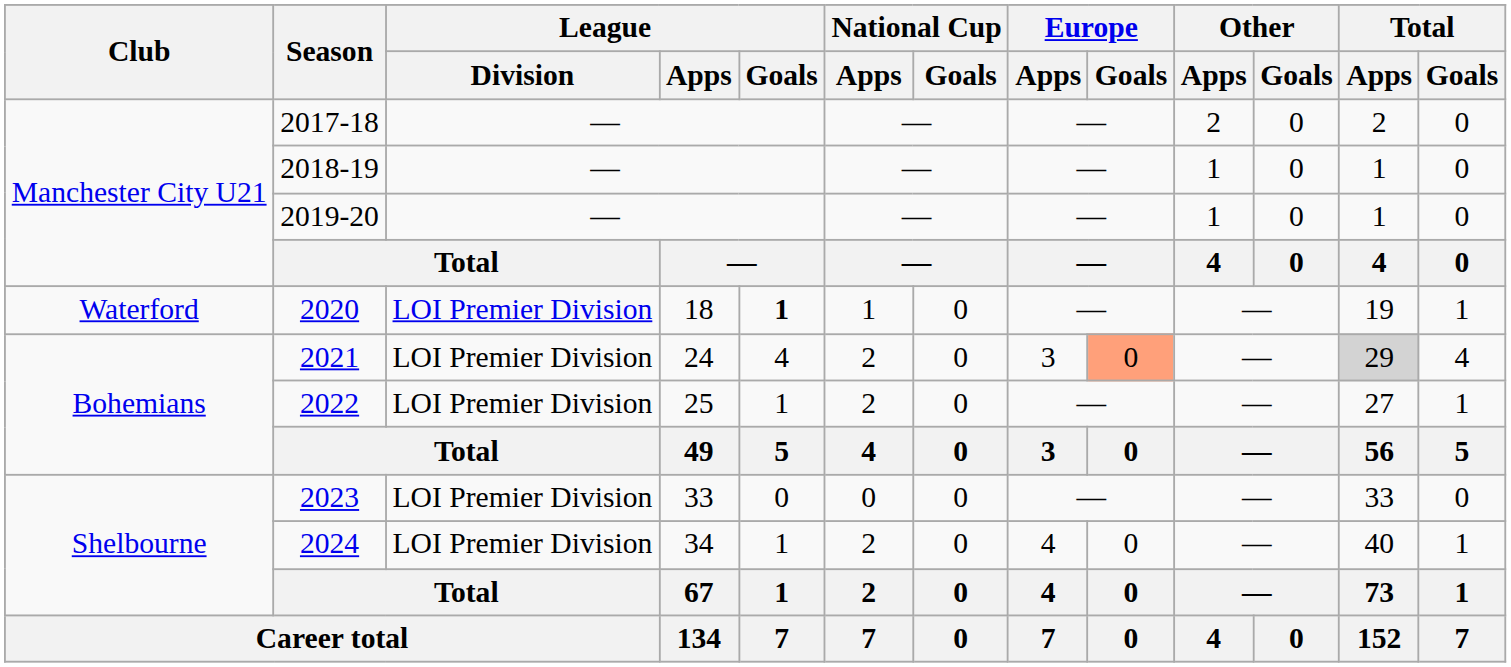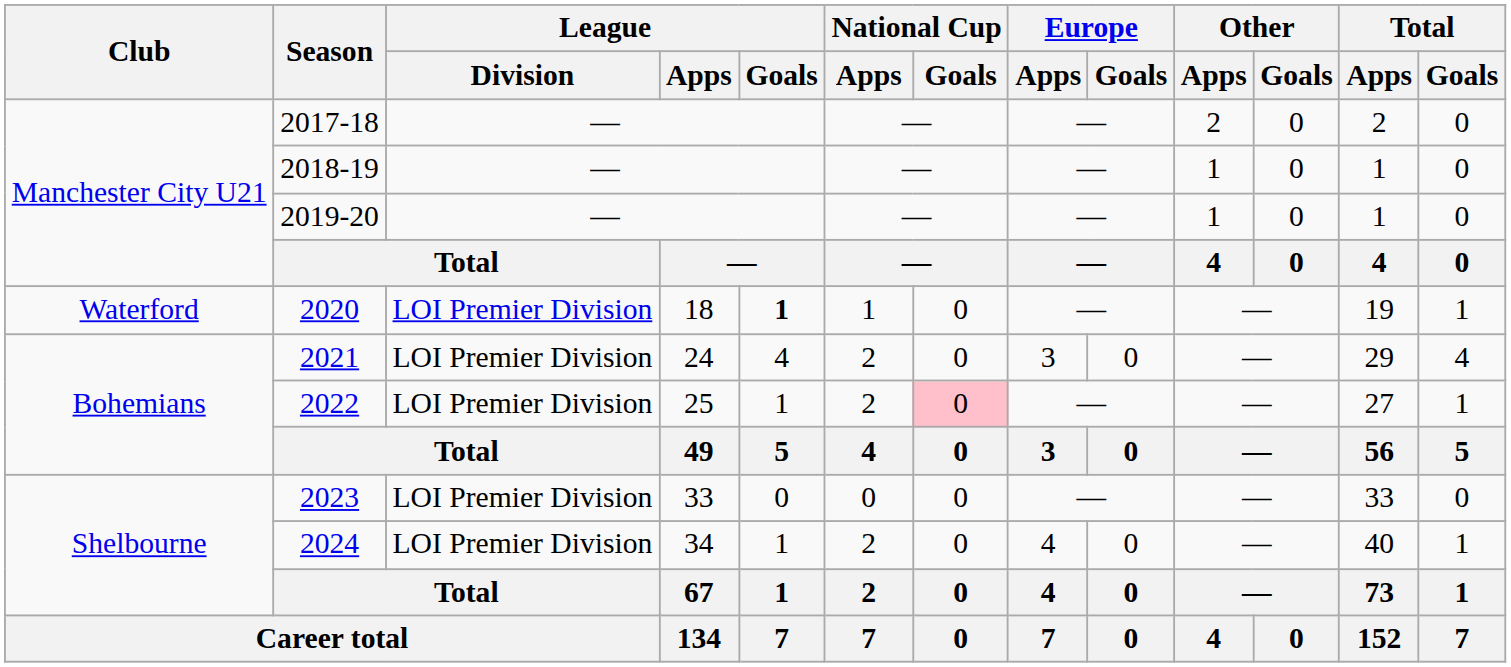 <table class="wikitable" style="text-align: center;">
 <tr>
 <th rowspan="2">Club</th>
 <th rowspan="2">Season</th>
 <th colspan="3">League</th>
 <th colspan="2">National Cup</th>
 <th colspan="2"><a href='#'>Europe</a></th>
 <th colspan="2">Other</th>
 <th colspan="2">Total</th>
 </tr>
 <tr>
 <th>Division</th>
 <th>Apps</th>
 <th>Goals</th>
 <th>Apps</th>
 <th>Goals</th>
 <th>Apps</th>
 <th>Goals</th>
 <th>Apps</th>
 <th>Goals</th>
 <th>Apps</th>
 <th>Goals</th>
 </tr>
 <tr>
 <td rowspan="4"><a href='#'>Manchester City U21</a></td>
 <td>2017-18</td>
 <td colspan="3">—</td>
 <td colspan="2">—</td>
 <td colspan="2">—</td>
 <td>2</td>
 <td>0</td>
 <td>2</td>
 <td>0</td>
 </tr>
 <tr>
 <td>2018-19</td>
 <td colspan="3">—</td>
 <td colspan="2">—</td>
 <td colspan="2">—</td>
 <td>1</td>
 <td>0</td>
 <td>1</td>
 <td>0</td>
 </tr>
 <tr>
 <td>2019-20</td>
 <td colspan="3">—</td>
 <td colspan="2">—</td>
 <td colspan="2">—</td>
 <td>1</td>
 <td>0</td>
 <td>1</td>
 <td>0</td>
 </tr>
 <tr>
 <th colspan="2">Total</th>
 <th colspan="2">—</th>
 <th colspan="2">—</th>
 <th colspan="2">—</th>
 <th>4</th>
 <th>0</th>
 <th>4</th>
 <th>0</th>
 </tr>
 <tr>
 <td><a href='#'>Waterford</a></td>
 <td><a href='#'>2020</a></td>
 <td><a href='#'>LOI Premier Division</a></td>
 <td>18</td>
 <td><strong>1</strong></td>
 <td>1</td>
 <td>0</td>
 <td colspan="2">—</td>
 <td colspan="2">—</td>
 <td>19</td>
 <td>1</td>
 </tr>
 <tr>
 <td rowspan="3"><a href='#'>Bohemians</a></td>
 <td><a href='#'>2021</a></td>
 <td>LOI Premier Division</td>
 <td>24</td>
 <td>4</td>
 <td>2</td>
 <td>0</td>
 <td>3</td>
-<td style="background: lightsalmon;">0</td>
+<td>0</td>
 <td colspan="2">—</td>
-<td style="background: lightgrey;">29</td>
+<td>29</td>
 <td>4</td>
 </tr>
 <tr>
 <td><a href='#'>2022</a></td>
 <td>LOI Premier Division</td>
 <td>25</td>
 <td>1</td>
 <td>2</td>
-<td>0</td>
+<td style="background: pink;">0</td>
 <td colspan="2">—</td>
 <td colspan="2">—</td>
 <td>27</td>
 <td>1</td>
 </tr>
 <tr>
 <th colspan="2">Total</th>
 <th>49</th>
 <th>5</th>
 <th>4</th>
 <th>0</th>
 <th>3</th>
 <th>0</th>
 <th colspan="2">—</th>
 <th>56</th>
 <th>5</th>
 </tr>
 <tr>
 <td rowspan="3"><a href='#'>Shelbourne</a></td>
 <td><a href='#'>2023</a></td>
 <td>LOI Premier Division</td>
 <td>33</td>
 <td>0</td>
 <td>0</td>
 <td>0</td>
 <td colspan="2">—</td>
 <td colspan="2">—</td>
 <td>33</td>
 <td>0</td>
 </tr>
 <tr>
 <td><a href='#'>2024</a></td>
 <td>LOI Premier Division</td>
 <td>34</td>
 <td>1</td>
 <td>2</td>
 <td>0</td>
 <td>4</td>
 <td>0</td>
 <td colspan="2">—</td>
 <td>40</td>
 <td>1</td>
 </tr>
 <tr>
 <th colspan="2">Total</th>
 <th>67</th>
 <th>1</th>
 <th>2</th>
 <th>0</th>
 <th>4</th>
 <th>0</th>
 <th colspan="2">—</th>
 <th>73</th>
 <th>1</th>
 </tr>
 <tr>
 <th colspan="3">Career total</th>
 <th>134</th>
 <th>7</th>
 <th>7</th>
 <th>0</th>
 <th>7</th>
 <th>0</th>
 <th>4</th>
 <th>0</th>
 <th>152</th>
 <th>7</th>
 </tr>
 </table>
